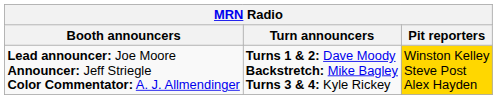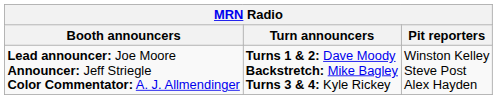 <table class="wikitable" style="font-size: 95%;">
 <tr>
 <th colspan="3"><a href='#'>MRN</a> Radio</th>
 </tr>
 <tr>
 <th>Booth announcers</th>
 <th>Turn announcers</th>
 <th>Pit reporters</th>
 </tr>
 <tr>
 <td><strong>Lead announcer:</strong> Joe Moore<br><strong>Announcer:</strong> Jeff Striegle<br><strong>Color Commentator:</strong> <a href='#'>A. J. Allmendinger</a></td>
 <td><strong>Turns 1 & 2:</strong> <a href='#'>Dave Moody</a><br><strong>Backstretch:</strong> <a href='#'>Mike Bagley</a><br><strong>Turns 3 & 4:</strong> Kyle Rickey</td>
-<td style="background: gold;">Winston Kelley<br>Steve Post<br>Alex Hayden</td>
+<td>Winston Kelley<br>Steve Post<br>Alex Hayden</td>
 </tr>
 </table>
